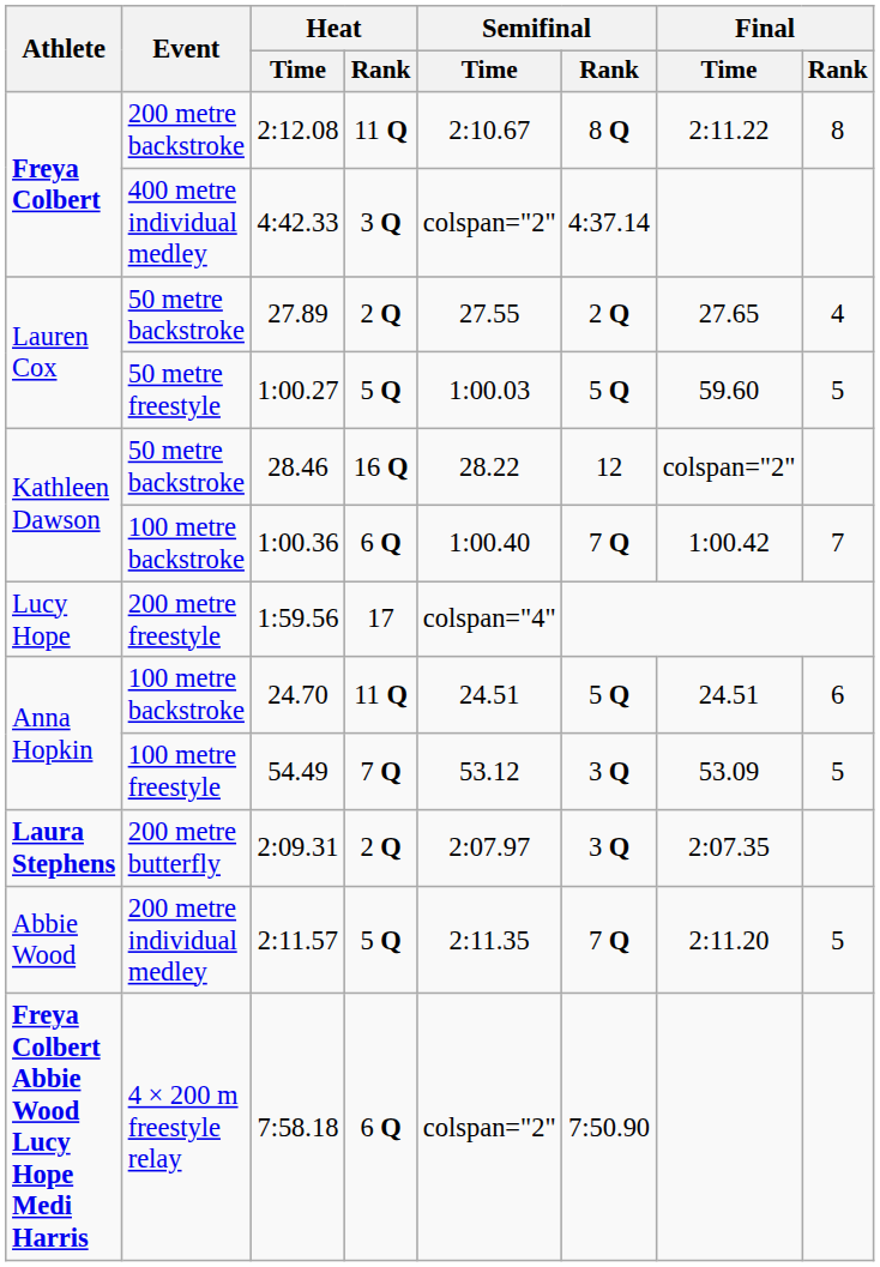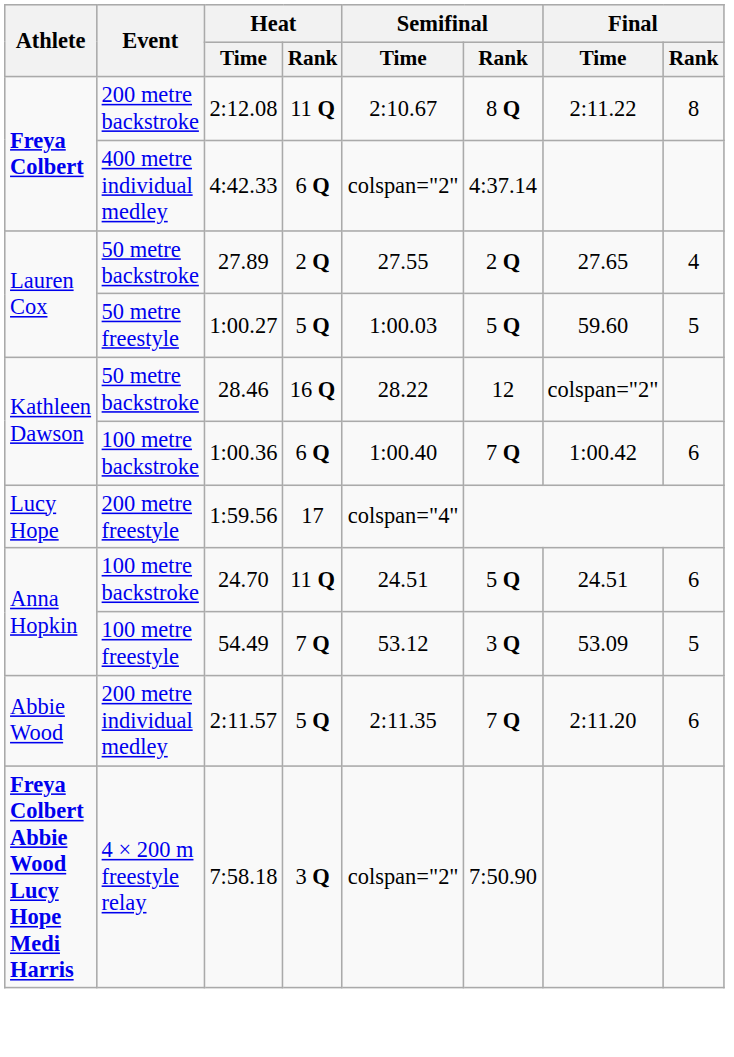 <table class="wikitable" style="text-align:center; font-size:90%; width:50%;">
 <tr>
 <th rowspan="2">Athlete</th>
 <th rowspan="2">Event</th>
 <th colspan="2">Heat</th>
 <th colspan="2">Semifinal</th>
 <th colspan="2">Final</th>
 </tr>
 <tr style="font-size:95%">
 <th>Time</th>
 <th>Rank</th>
 <th>Time</th>
 <th>Rank</th>
 <th>Time</th>
 <th>Rank</th>
 </tr>
 <tr align=center>
 <td align=left rowspan="2"><strong><a href='#'>Freya Colbert</a></strong></td>
 <td align=left><a href='#'>200 metre backstroke</a></td>
 <td>2:12.08</td>
 <td>11 <strong>Q</strong></td>
 <td>2:10.67</td>
 <td>8 <strong>Q</strong></td>
 <td>2:11.22</td>
 <td>8</td>
 </tr>
 <tr align=center>
 <td align=left><a href='#'>400 metre individual medley</a></td>
 <td>4:42.33</td>
-<td>3 <strong>Q</strong></td>
+<td>6 <strong>Q</strong></td>
 <td>colspan="2"   </td>
 <td>4:37.14</td>
 <td></td>
 </tr>
 <tr align=center>
 <td align=left rowspan="2"><a href='#'>Lauren Cox</a></td>
 <td align=left><a href='#'>50 metre backstroke</a></td>
 <td>27.89</td>
 <td>2 <strong>Q</strong></td>
 <td>27.55</td>
 <td>2 <strong>Q</strong></td>
 <td>27.65</td>
 <td>4</td>
 </tr>
 <tr align=center>
 <td align=left><a href='#'>50 metre freestyle</a></td>
 <td>1:00.27</td>
 <td>5 <strong>Q</strong></td>
 <td>1:00.03</td>
 <td>5 <strong>Q</strong></td>
 <td>59.60</td>
 <td>5</td>
 </tr>
 <tr align=center>
 <td align=left rowspan="2"><a href='#'>Kathleen Dawson</a></td>
 <td align=left><a href='#'>50 metre backstroke</a></td>
 <td>28.46</td>
 <td>16 <strong>Q</strong></td>
 <td>28.22</td>
 <td>12</td>
 <td>colspan="2" </td>
 </tr>
 <tr align=center>
 <td align=left><a href='#'>100 metre backstroke</a></td>
 <td>1:00.36</td>
 <td>6 <strong>Q</strong></td>
 <td>1:00.40</td>
 <td>7 <strong>Q</strong></td>
 <td>1:00.42</td>
-<td>7</td>
+<td>6</td>
 </tr>
 <tr align=center>
 <td align=left><a href='#'>Lucy Hope</a></td>
 <td align=left><a href='#'>200 metre freestyle</a></td>
 <td>1:59.56</td>
 <td>17</td>
 <td>colspan="4" </td>
 </tr>
 <tr align=center>
 <td align=left rowspan="2"><a href='#'>Anna Hopkin</a></td>
 <td align=left><a href='#'>100 metre backstroke</a></td>
 <td>24.70</td>
 <td>11 <strong>Q</strong></td>
 <td>24.51</td>
 <td>5 <strong>Q</strong></td>
 <td>24.51</td>
 <td>6</td>
 </tr>
 <tr align=center>
 <td align=left><a href='#'>100 metre freestyle</a></td>
 <td>54.49</td>
 <td>7 <strong>Q</strong></td>
 <td>53.12</td>
 <td>3 <strong>Q</strong></td>
 <td>53.09</td>
 <td>5</td>
 </tr>
 <tr align=center>
-<td align=left><strong><a href='#'>Laura Stephens</a></strong></td>
-<td align=left><a href='#'>200 metre butterfly</a></td>
-<td>2:09.31</td>
-<td>2 <strong>Q</strong></td>
-<td>2:07.97</td>
-<td>3 <strong>Q</strong></td>
-<td>2:07.35</td>
-<td></td>
-</tr>
-<tr align=center>
 <td align=left><a href='#'>Abbie Wood</a></td>
 <td align=left><a href='#'>200 metre individual medley</a></td>
 <td>2:11.57</td>
 <td>5 <strong>Q</strong></td>
 <td>2:11.35</td>
 <td>7 <strong>Q</strong></td>
 <td>2:11.20</td>
-<td>5</td>
+<td>6</td>
 </tr>
 <tr>
 <td align=left><strong><a href='#'>Freya Colbert</a><br><a href='#'>Abbie Wood</a><br><a href='#'>Lucy Hope</a><br><a href='#'>Medi Harris</a></strong></td>
 <td align=left><a href='#'>4 × 200 m freestyle relay</a></td>
 <td>7:58.18</td>
-<td>6 <strong>Q</strong></td>
+<td>3 <strong>Q</strong></td>
 <td>colspan="2" </td>
 <td>7:50.90</td>
 <td></td>
 </tr>
 </table>
